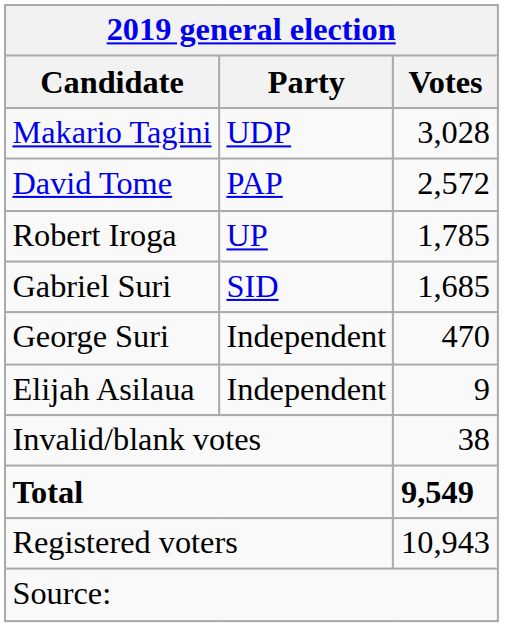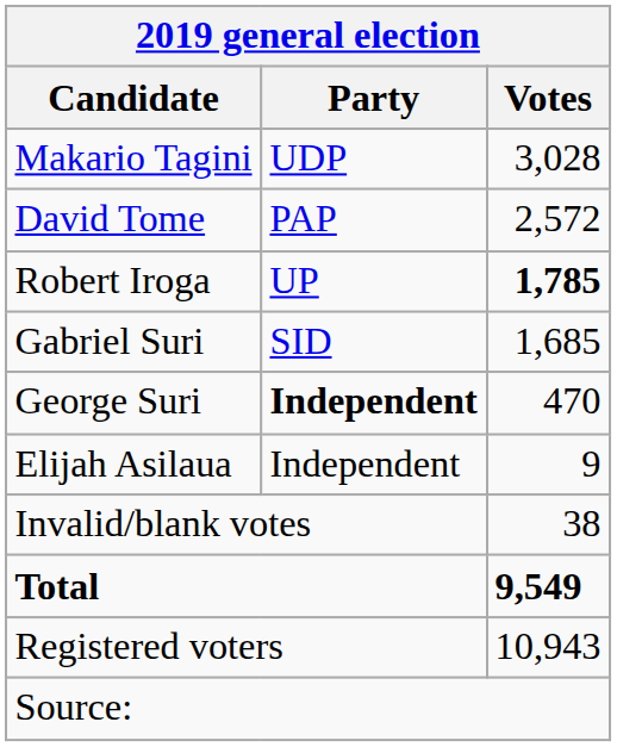 <table class=wikitable style=text-align:left>
 <tr>
 <th colspan=3><a href='#'>2019 general election</a></th>
 </tr>
 <tr>
 <th>Candidate</th>
 <th>Party</th>
 <th>Votes</th>
 </tr>
 <tr>
 <td><a href='#'>Makario Tagini</a></td>
 <td><a href='#'>UDP</a></td>
 <td align=right>3,028</td>
 </tr>
 <tr>
 <td><a href='#'>David Tome</a></td>
 <td><a href='#'>PAP</a></td>
 <td align=right>2,572</td>
 </tr>
 <tr>
 <td>Robert Iroga</td>
 <td><a href='#'>UP</a></td>
-<td align=right>1,785</td>
+<td align=right><strong>1,785</strong></td>
 </tr>
 <tr>
 <td>Gabriel Suri</td>
 <td><a href='#'>SID</a></td>
 <td align=right>1,685</td>
 </tr>
 <tr>
 <td>George Suri</td>
-<td>Independent</td>
+<td><strong>Independent</strong></td>
 <td align=right>470</td>
 </tr>
 <tr>
 <td>Elijah Asilaua</td>
 <td>Independent</td>
 <td align="right">9</td>
 </tr>
 <tr>
 <td colspan=2>Invalid/blank votes</td>
 <td align=right>38</td>
 </tr>
 <tr>
 <td colspan=2><strong>Total</strong></td>
 <td><strong>9,549 </strong></td>
 </tr>
 <tr>
 <td colspan=2>Registered voters</td>
 <td>10,943</td>
 </tr>
 <tr>
 <td colspan=3>Source: </td>
 </tr>
 </table>
